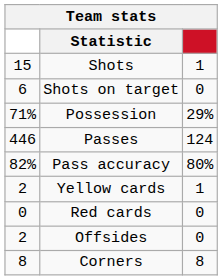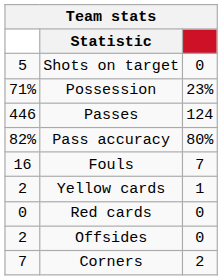 <table class="wikitable" style="margin-left: auto; margin-right: auto; border: none; text-align:center;">
 <tr>
 <th colspan=3>Team stats</th>
 </tr>
 <tr>
 <th style="background: #FFFFFF; color: #3C3B6E;"> <a href='#'></a></th>
 <th>Statistic</th>
 <th style="background: #CE1126; color: #FFFFFF;"> <a href='#'></a></th>
 </tr>
 <tr>
-<td>15</td>
-<td>Shots</td>
-<td>1</td>
-</tr>
-<tr>
-<td>6</td>
+<td>5</td>
 <td>Shots on target</td>
 <td>0</td>
 </tr>
 <tr>
 <td>71%</td>
 <td>Possession</td>
-<td>29%</td>
+<td>23%</td>
 </tr>
 <tr>
 <td>446</td>
 <td>Passes</td>
 <td>124</td>
 </tr>
 <tr>
 <td>82%</td>
 <td>Pass accuracy</td>
 <td>80%</td>
+</tr>
+<tr>
+<td>16</td>
+<td>Fouls</td>
+<td>7</td>
 </tr>
 <tr>
 <td>2</td>
 <td>Yellow cards</td>
 <td>1</td>
 </tr>
 <tr>
 <td>0</td>
 <td>Red cards</td>
 <td>0</td>
 </tr>
 <tr>
 <td>2</td>
 <td>Offsides</td>
 <td>0</td>
 </tr>
 <tr>
-<td>8</td>
+<td>7</td>
 <td>Corners</td>
-<td>8</td>
+<td>2</td>
 </tr>
 </table>
